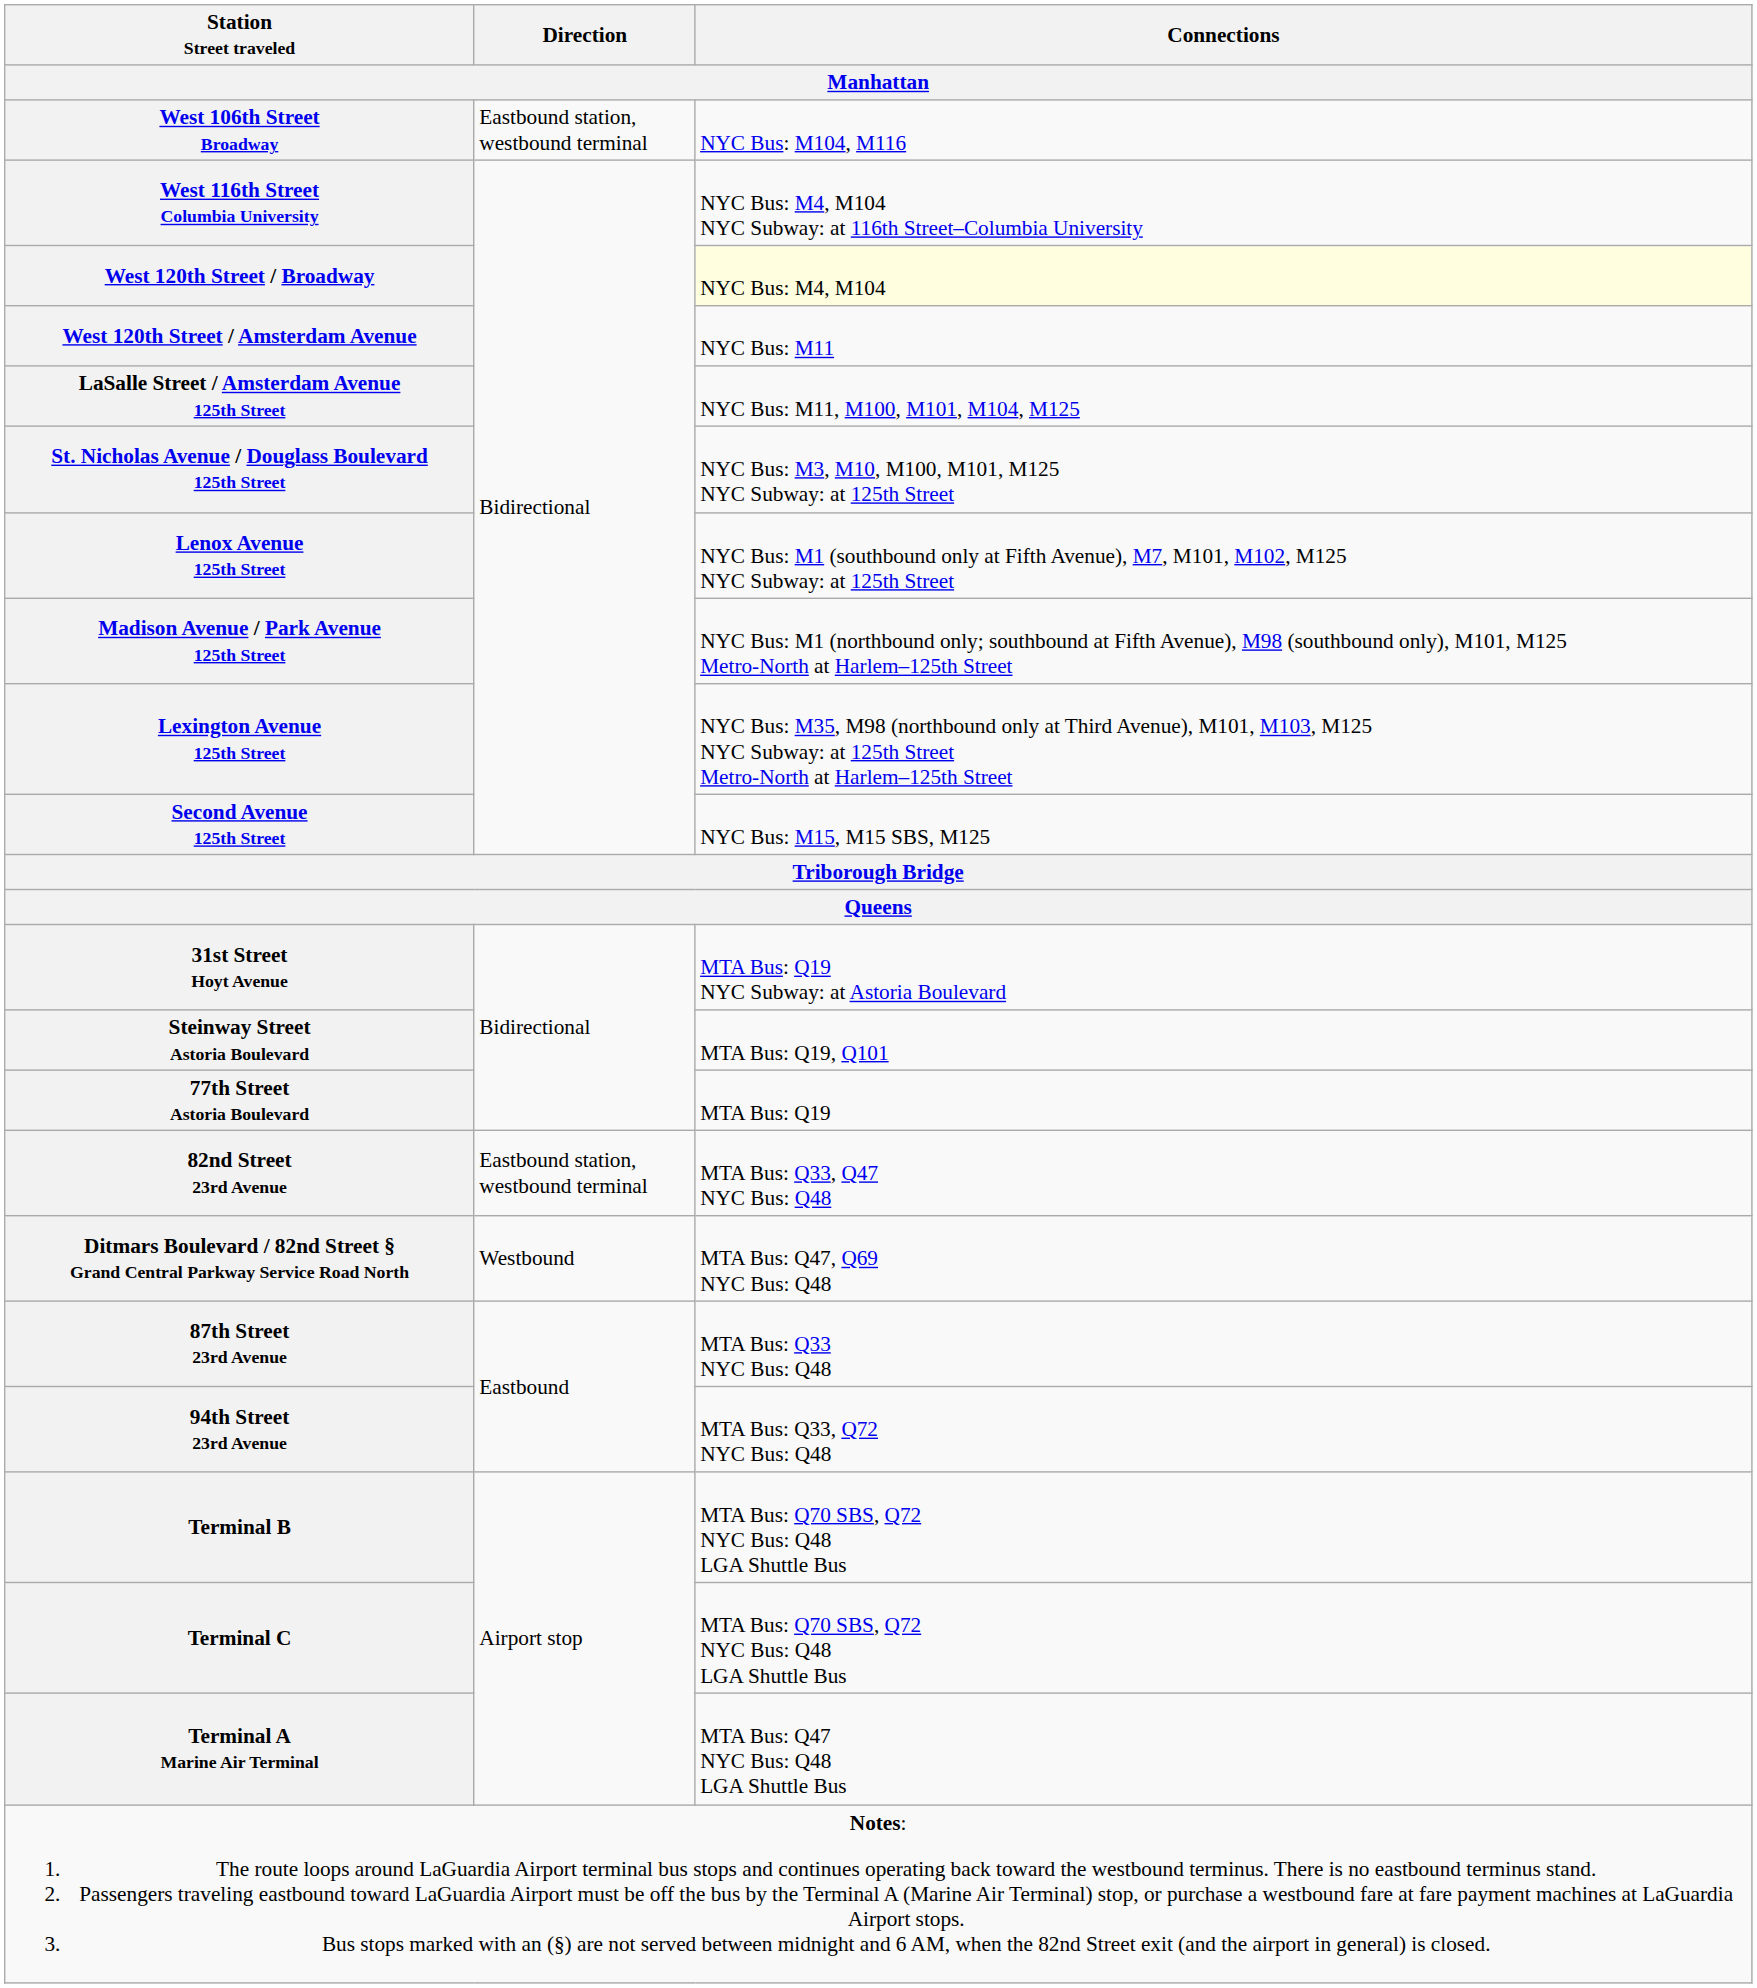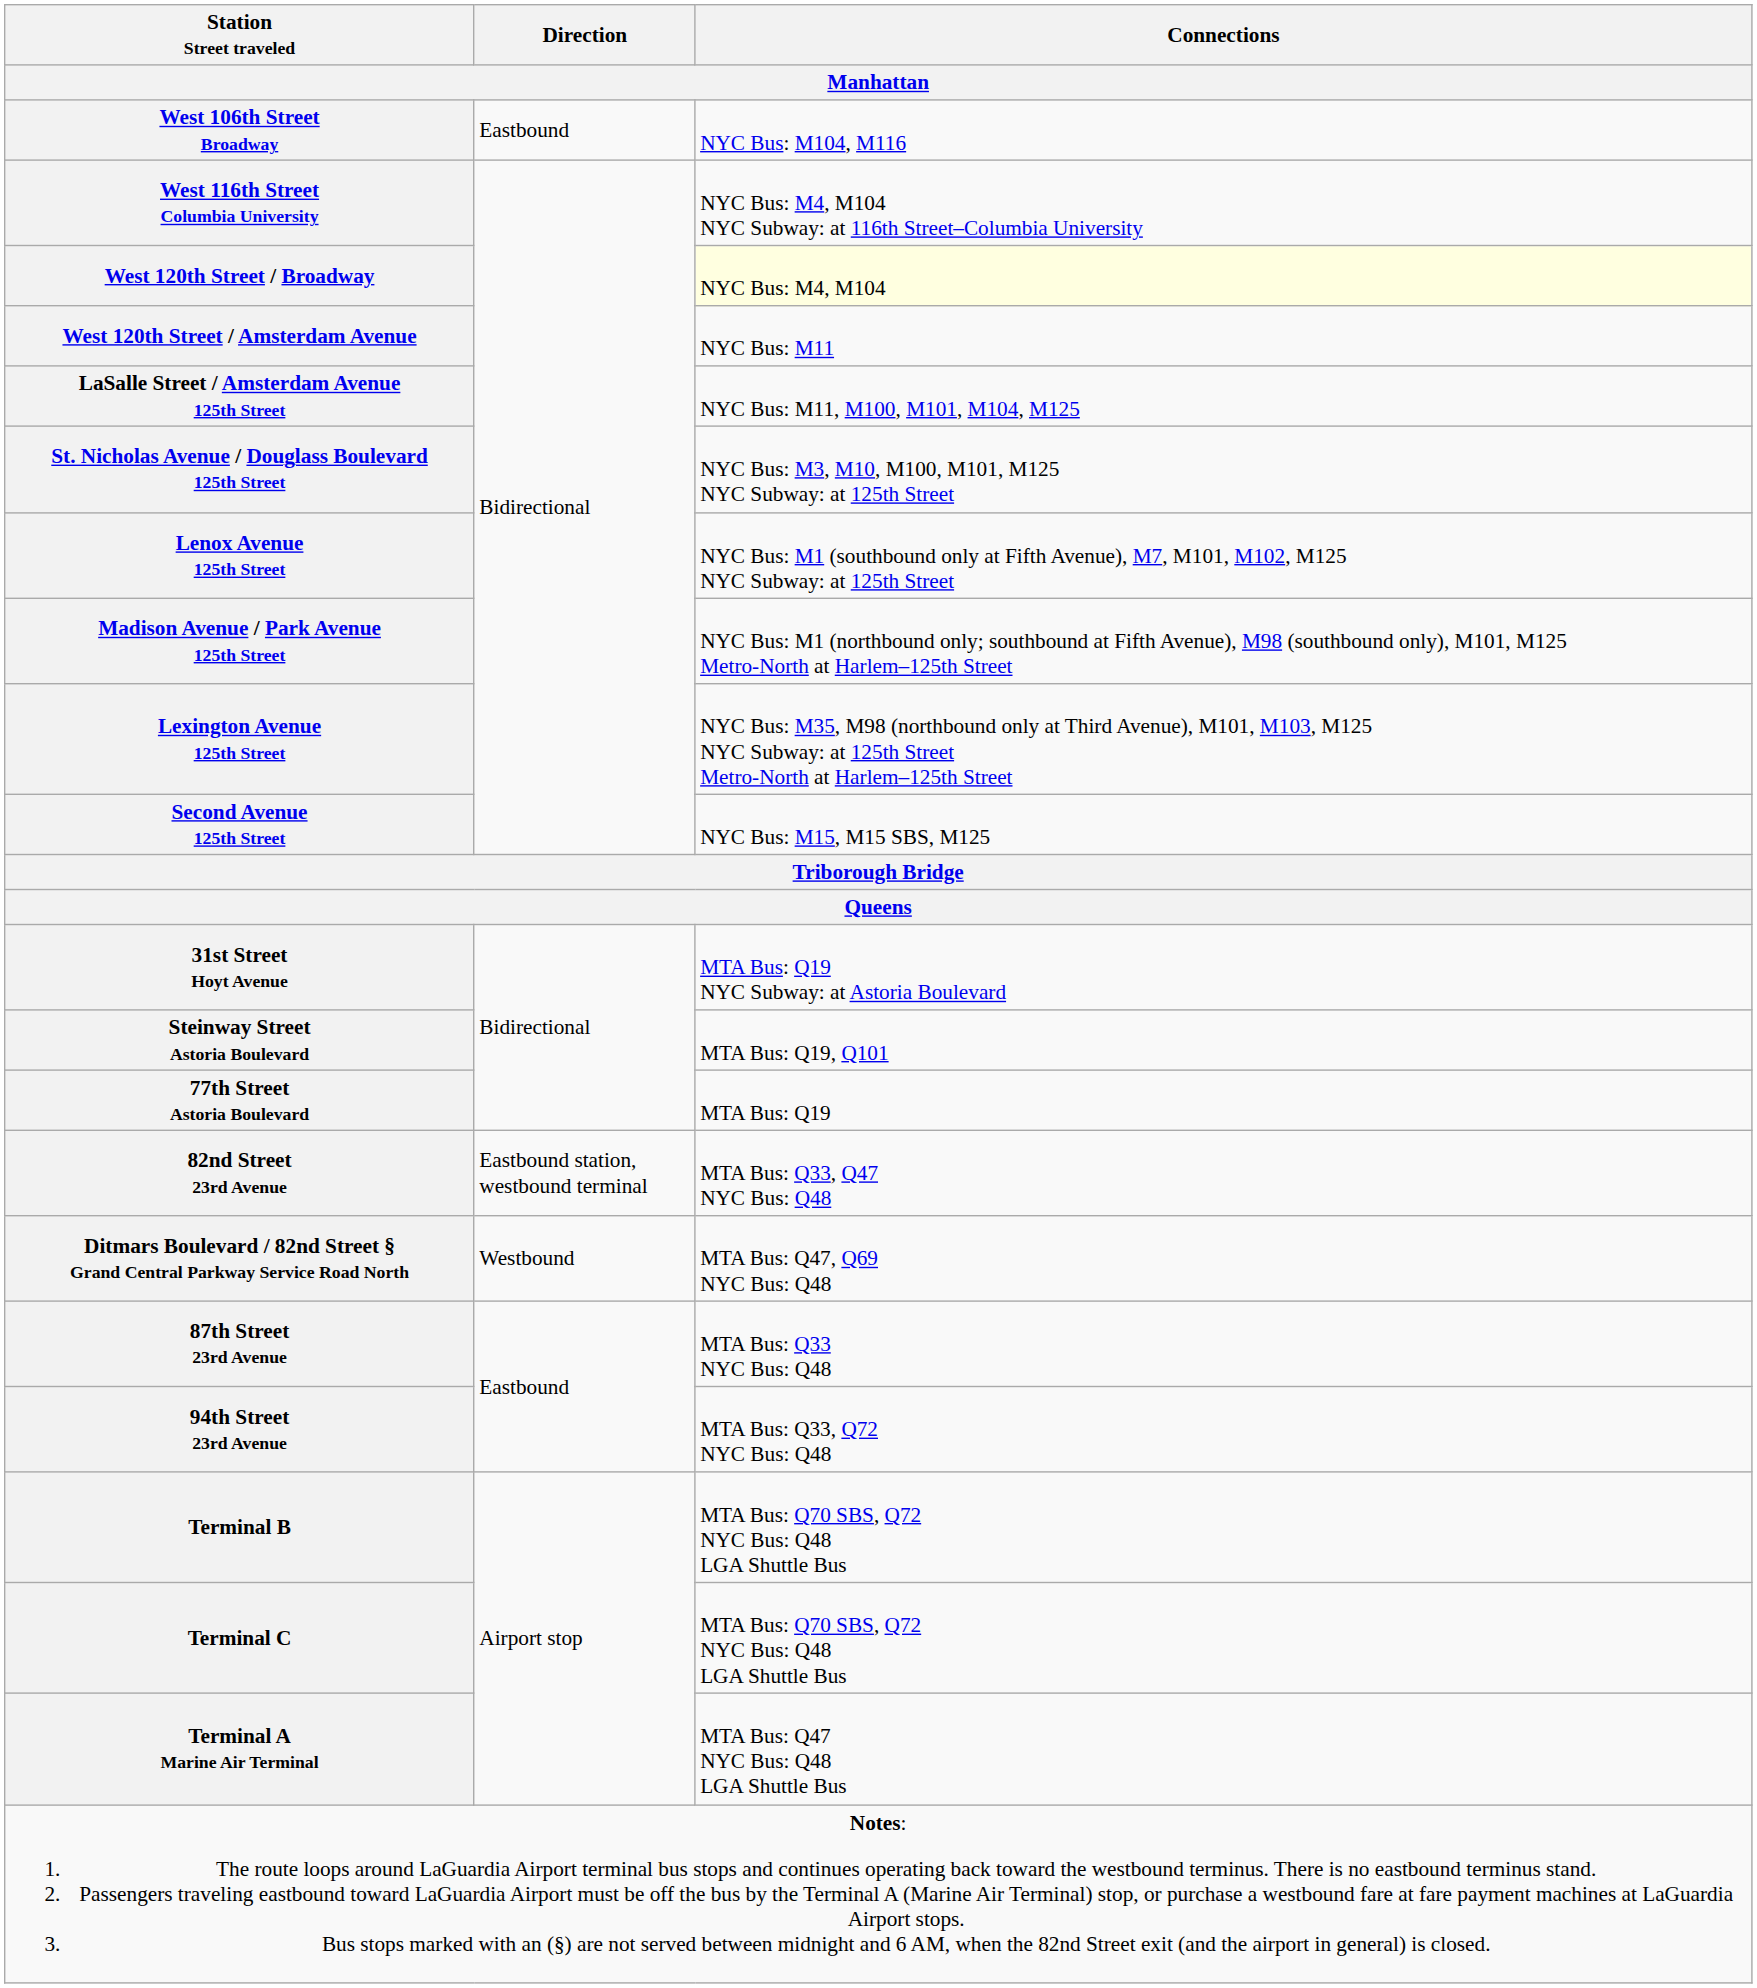 <table class="wikitable collapsible" style="font-size: 95%;">
 <tr>
 <th>Station<br><small>Street traveled</small></th>
 <th>Direction</th>
 <th>Connections</th>
 </tr>
 <tr>
 <th colspan="3"><a href='#'>Manhattan</a></th>
 </tr>
 <tr>
 <th><a href='#'>West 106th Street</a><br><small><a href='#'>Broadway</a></small></th>
-<td>Eastbound station,<br>westbound terminal</td>
+<td>Eastbound</td>
 <td><br><a href='#'>NYC Bus</a>: <a href='#'>M104</a>, <a href='#'>M116</a></td>
 </tr>
 <tr>
 <th><a href='#'>West 116th Street</a><br><small><a href='#'>Columbia University</a></small></th>
 <td rowspan="9">Bidirectional</td>
 <td><br>NYC Bus: <a href='#'>M4</a>, M104<br>NYC Subway:  at <a href='#'>116th Street–Columbia University</a></td>
 </tr>
 <tr>
 <th><a href='#'>West 120th Street</a> / <a href='#'>Broadway</a></th>
 <td style="background: lightyellow;"><br>NYC Bus: M4, M104</td>
 </tr>
 <tr>
 <th><a href='#'>West 120th Street</a> / <a href='#'>Amsterdam Avenue</a></th>
 <td><br>NYC Bus: <a href='#'>M11</a></td>
 </tr>
 <tr>
 <th>LaSalle Street / <a href='#'>Amsterdam Avenue</a><br><small><a href='#'>125th Street</a></small></th>
 <td><br>NYC Bus: M11, <a href='#'>M100</a>, <a href='#'>M101</a>, <a href='#'>M104</a>, <a href='#'>M125</a></td>
 </tr>
 <tr>
 <th><a href='#'>St. Nicholas Avenue</a> / <a href='#'>Douglass Boulevard</a><br><small><a href='#'>125th Street</a></small></th>
 <td><br>NYC Bus: <a href='#'>M3</a>, <a href='#'>M10</a>, M100, M101, M125<br>NYC Subway:  at <a href='#'>125th Street</a></td>
 </tr>
 <tr>
 <th><a href='#'>Lenox Avenue</a><br><small><a href='#'>125th Street</a></small></th>
 <td><br>NYC Bus: <a href='#'>M1</a> (southbound only at Fifth Avenue), <a href='#'>M7</a>, M101, <a href='#'>M102</a>, M125<br>NYC Subway:  at <a href='#'>125th Street</a></td>
 </tr>
 <tr>
 <th><a href='#'>Madison Avenue</a> / <a href='#'>Park Avenue</a><br><small><a href='#'>125th Street</a></small></th>
 <td><br>NYC Bus: M1 (northbound only; southbound at Fifth Avenue), <a href='#'>M98</a> (southbound only), M101, M125<br><a href='#'>Metro-North</a> at <a href='#'>Harlem–125th Street</a></td>
 </tr>
 <tr>
 <th><a href='#'>Lexington Avenue</a><br><small><a href='#'>125th Street</a></small></th>
 <td><br>NYC Bus: <a href='#'>M35</a>, M98 (northbound only at Third Avenue), M101, <a href='#'>M103</a>, M125<br>NYC Subway:  at <a href='#'>125th Street</a><br><a href='#'>Metro-North</a> at <a href='#'>Harlem–125th Street</a></td>
 </tr>
 <tr>
 <th><a href='#'>Second Avenue</a><br><small><a href='#'>125th Street</a></small></th>
 <td><br>NYC Bus: <a href='#'>M15</a>, M15 SBS, M125</td>
 </tr>
 <tr>
 <th colspan="3"><a href='#'>Triborough Bridge</a></th>
 </tr>
 <tr>
 <th colspan="3"><a href='#'>Queens</a></th>
 </tr>
 <tr>
 <th>31st Street<br><small>Hoyt Avenue</small></th>
 <td rowspan="3">Bidirectional</td>
 <td><br><a href='#'>MTA Bus</a>: <a href='#'>Q19</a><br>NYC Subway:  at <a href='#'>Astoria Boulevard</a></td>
 </tr>
 <tr>
 <th>Steinway Street<br><small>Astoria Boulevard</small></th>
 <td><br>MTA Bus: Q19, <a href='#'>Q101</a></td>
 </tr>
 <tr>
 <th>77th Street<br><small>Astoria Boulevard</small></th>
 <td><br>MTA Bus: Q19</td>
 </tr>
 <tr>
 <th>82nd Street<br><small>23rd Avenue</small></th>
 <td>Eastbound station,<br>westbound terminal</td>
 <td><br>MTA Bus: <a href='#'>Q33</a>, <a href='#'>Q47</a><br>NYC Bus: <a href='#'>Q48</a></td>
 </tr>
 <tr>
 <th>Ditmars Boulevard / 82nd Street §<br><small>Grand Central Parkway Service Road North</small></th>
 <td>Westbound</td>
 <td><br>MTA Bus: Q47, <a href='#'>Q69</a> <br>NYC Bus: Q48</td>
 </tr>
 <tr>
 <th>87th Street<br><small>23rd Avenue</small></th>
 <td rowspan="2">Eastbound</td>
 <td><br>MTA Bus: <a href='#'>Q33</a> <br>NYC Bus: Q48</td>
 </tr>
 <tr>
 <th>94th Street<br><small>23rd Avenue</small></th>
 <td><br>MTA Bus: Q33, <a href='#'>Q72</a> <br>NYC Bus: Q48</td>
 </tr>
 <tr>
 <th>Terminal B</th>
 <td rowspan="3">Airport stop</td>
 <td><br>MTA Bus: <a href='#'>Q70 SBS</a>, <a href='#'>Q72</a> <br>NYC Bus: Q48<br>LGA Shuttle Bus</td>
 </tr>
 <tr>
 <th>Terminal C</th>
 <td><br>MTA Bus: <a href='#'>Q70 SBS</a>, <a href='#'>Q72</a> <br>NYC Bus: Q48<br>LGA Shuttle Bus</td>
 </tr>
 <tr>
 <th>Terminal A <br><small>Marine Air Terminal</small></th>
 <td><br>MTA Bus: Q47<br>NYC Bus: Q48<br>LGA Shuttle Bus</td>
 </tr>
 <tr>
 <td colspan="3" style="text-align:center;"><strong>Notes</strong>:<br><ol><li>The route loops around LaGuardia Airport terminal bus stops and continues operating back toward the westbound terminus. There is no eastbound terminus stand.</li><li>Passengers traveling eastbound toward LaGuardia Airport must be off the bus by the Terminal A (Marine Air Terminal) stop, or purchase a westbound fare at fare payment machines at LaGuardia Airport stops.</li><li>Bus stops marked with an (§) are not served between midnight and 6 AM, when the 82nd Street exit (and the airport in general) is closed.</li></ol></td>
 </tr>
 </table>
